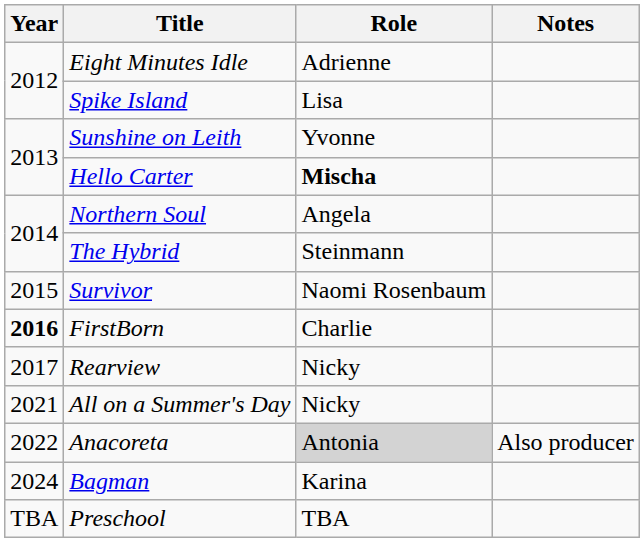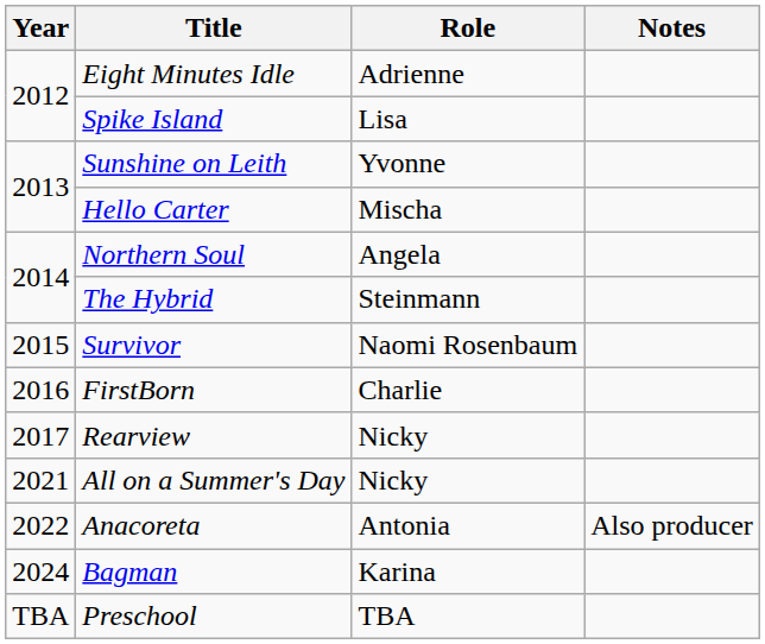 <table class="wikitable sortable">
 <tr>
 <th>Year</th>
 <th>Title</th>
 <th>Role</th>
 <th class="unsortable">Notes</th>
 </tr>
 <tr>
 <td rowspan="2">2012</td>
 <td><em>Eight Minutes Idle</em></td>
 <td>Adrienne</td>
 <td></td>
 </tr>
 <tr>
 <td><em><a href='#'>Spike Island</a></em></td>
 <td>Lisa</td>
 <td></td>
 </tr>
 <tr>
 <td rowspan="2">2013</td>
 <td><em><a href='#'>Sunshine on Leith</a></em></td>
 <td>Yvonne</td>
 <td></td>
 </tr>
 <tr>
 <td><em><a href='#'>Hello Carter</a></em></td>
-<td><strong>Mischa</strong></td>
+<td>Mischa</td>
 <td></td>
 </tr>
 <tr>
 <td rowspan="2">2014</td>
 <td><em><a href='#'>Northern Soul</a></em></td>
 <td>Angela</td>
 <td></td>
 </tr>
 <tr>
 <td><em><a href='#'>The Hybrid</a></em></td>
 <td>Steinmann</td>
 <td></td>
 </tr>
 <tr>
 <td>2015</td>
 <td><em><a href='#'>Survivor</a></em></td>
 <td>Naomi Rosenbaum</td>
 <td></td>
 </tr>
 <tr>
-<td><strong>2016</strong></td>
+<td>2016</td>
 <td><em>FirstBorn</em></td>
 <td>Charlie</td>
 <td></td>
 </tr>
 <tr>
 <td>2017</td>
 <td><em>Rearview</em></td>
 <td>Nicky</td>
 <td></td>
 </tr>
 <tr>
 <td>2021</td>
 <td><em>All on a Summer's Day</em></td>
 <td>Nicky</td>
 <td></td>
 </tr>
 <tr>
 <td>2022</td>
 <td><em>Anacoreta</em></td>
-<td style="background: lightgrey;">Antonia</td>
+<td>Antonia</td>
 <td>Also producer</td>
 </tr>
 <tr>
 <td>2024</td>
 <td><em><a href='#'>Bagman</a></em></td>
 <td>Karina</td>
 <td></td>
 </tr>
 <tr>
 <td>TBA</td>
 <td><em>Preschool</em></td>
 <td>TBA</td>
 <td></td>
 </tr>
 </table>
